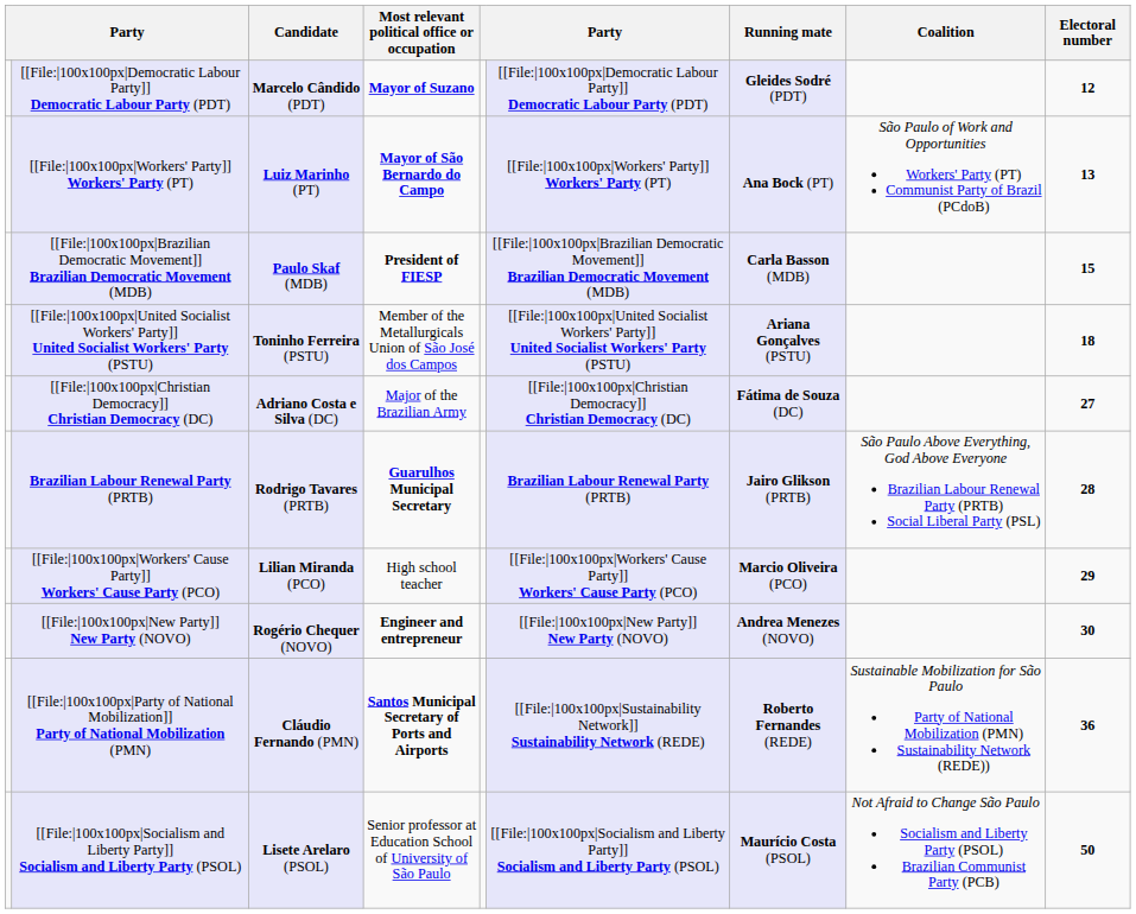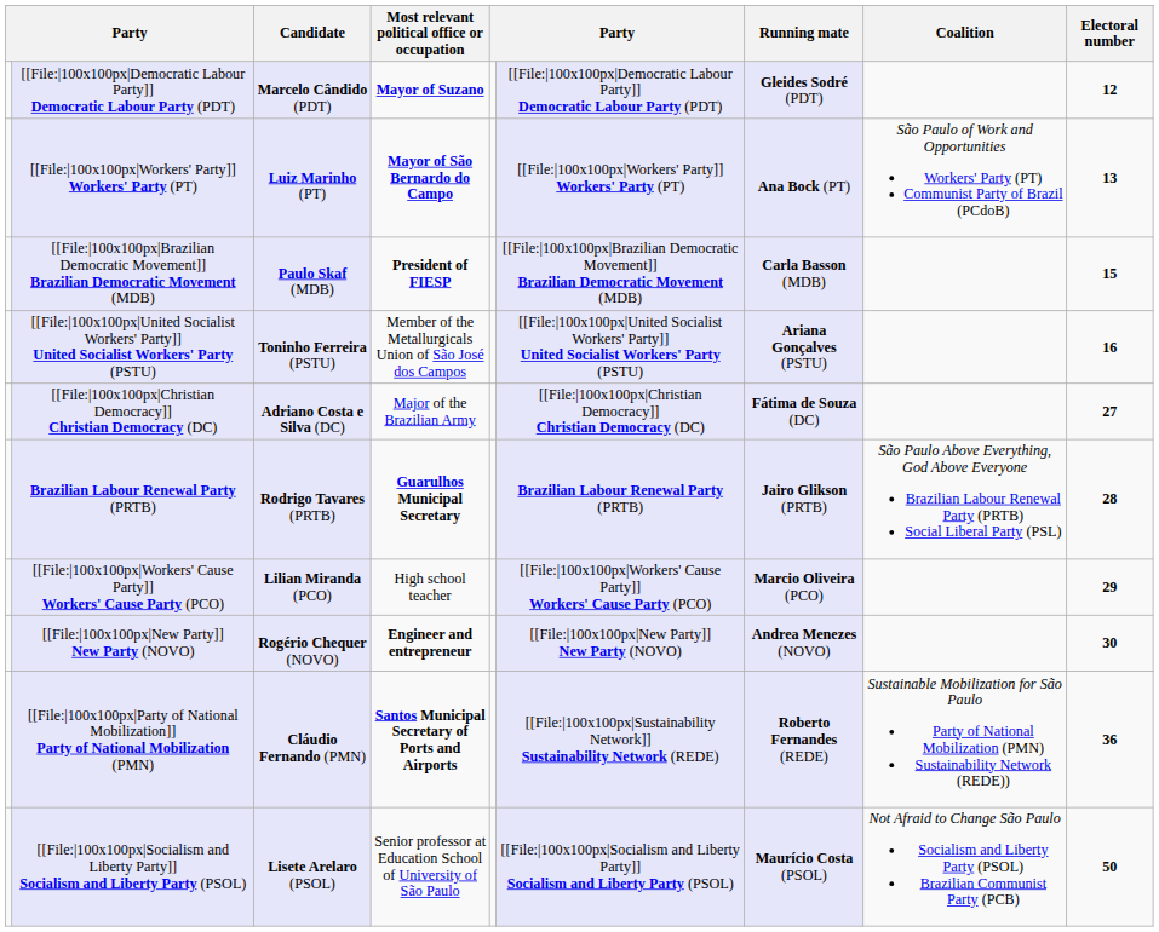 <table class="wikitable" style="text-align:center">
 <tr>
 <th colspan="2">Party</th>
 <th>Candidate</th>
 <th style="max-width:10em">Most relevant political office or occupation</th>
 <th colspan="2">Party</th>
 <th>Running mate</th>
 <th>Coalition</th>
 <th>Electoral number</th>
 </tr>
 <tr>
 <td style="background:"></td>
 <td style="background:lavender;" max-width:150px>[[File:|100x100px|Democratic Labour Party]]<br><strong><a href='#'>Democratic Labour Party</a></strong> (PDT)</td>
 <td style="background:lavender;" max-width:150px><br><strong>Marcelo Cândido</strong> (PDT)</td>
 <td style="max-width:10em"><strong><a href='#'>Mayor of Suzano</a></strong><br></td>
 <td style="background:"></td>
 <td style="background:lavender;" max-width:150px>[[File:|100x100px|Democratic Labour Party]]<br><strong><a href='#'>Democratic Labour Party</a></strong> (PDT)</td>
 <td style="background:lavender;" max-width:150px><strong>Gleides Sodré</strong> (PDT)</td>
 <td></td>
 <td><strong>12</strong></td>
 </tr>
 <tr>
 <td style="background:"></td>
 <td style="background:lavender;" max-width:150px>[[File:|100x100px|Workers' Party]]<br><strong><a href='#'>Workers' Party</a></strong> (PT)</td>
 <td style="background:lavender;" max-width:150px><br><strong><a href='#'>Luiz Marinho</a></strong> (PT)</td>
 <td style="max-width:10em"><strong><a href='#'>Mayor of São Bernardo do Campo</a></strong><br></td>
 <td style="background:"></td>
 <td style="background:lavender;" max-width:150px>[[File:|100x100px|Workers' Party]]<br><strong><a href='#'>Workers' Party</a></strong> (PT)</td>
 <td style="background:lavender;" max-width:150px><br><strong>Ana Bock</strong> (PT)</td>
 <td><em>São Paulo of Work and Opportunities</em><br><ul><li><a href='#'>Workers' Party</a> (PT)</li><li><a href='#'>Communist Party of Brazil</a> (PCdoB)</li></ul></td>
 <td><strong>13</strong></td>
 </tr>
 <tr>
 <td style="background:"></td>
 <td style="background:lavender;" max-width:150px>[[File:|100x100px|Brazilian Democratic Movement]]<br><strong><a href='#'>Brazilian Democratic Movement</a></strong> (MDB)</td>
 <td style="background:lavender;" max-width:150px><br><strong><a href='#'>Paulo Skaf</a></strong> (MDB)</td>
 <td style="max-width:10em"><strong>President of <a href='#'>FIESP</a></strong><br></td>
 <td style="background:"></td>
 <td style="background:lavender;" max-width:150px>[[File:|100x100px|Brazilian Democratic Movement]]<br><strong><a href='#'>Brazilian Democratic Movement</a></strong> (MDB)</td>
 <td style="background:lavender;" max-width:150px><strong>Carla Basson</strong> (MDB)</td>
 <td></td>
 <td><strong>15</strong></td>
 </tr>
 <tr>
 <td style="background:"></td>
 <td style="background:lavender;" max-width:150px>[[File:|100x100px|United Socialist Workers' Party]]<br><strong><a href='#'>United Socialist Workers' Party</a></strong> (PSTU)</td>
 <td style="background:lavender;" max-width:150px><br><strong>Toninho Ferreira</strong> (PSTU)</td>
 <td style="max-width:10em">Member of the Metallurgicals Union of <a href='#'>São José dos Campos</a></td>
 <td style="background:"></td>
 <td style="background:lavender;" max-width:150px>[[File:|100x100px|United Socialist Workers' Party]]<br><strong><a href='#'>United Socialist Workers' Party</a></strong> (PSTU)</td>
 <td style="background:lavender;" max-width:150px><strong>Ariana Gonçalves</strong> (PSTU)</td>
 <td></td>
-<td><strong>18</strong></td>
+<td><strong>16</strong></td>
 </tr>
 <tr>
 <td style="background:"></td>
 <td style="background:lavender;" max-width:150px>[[File:|100x100px|Christian Democracy]]<br><strong><a href='#'>Christian Democracy</a></strong> (DC)</td>
 <td style="background:lavender;" max-width:150px><br><strong>Adriano Costa e Silva</strong> (DC)</td>
 <td style="max-width:10em"><a href='#'>Major</a> of the <a href='#'>Brazilian Army</a></td>
 <td style="background:"></td>
 <td style="background:lavender;" max-width:150px>[[File:|100x100px|Christian Democracy]]<br><strong><a href='#'>Christian Democracy</a></strong> (DC)</td>
 <td style="background:lavender;" max-width:150px><strong>Fátima de Souza</strong> (DC)</td>
 <td></td>
 <td><strong>27</strong></td>
 </tr>
 <tr>
 <td style="background:"></td>
 <td style="background:lavender;" max-width:150px><strong><a href='#'>Brazilian Labour Renewal Party</a></strong> (PRTB)</td>
 <td style="background:lavender;" max-width:150px><br><strong>Rodrigo Tavares</strong> (PRTB)</td>
 <td style="max-width:10em"><strong><a href='#'>Guarulhos</a> Municipal Secretary</strong></td>
 <td style="background:"></td>
 <td style="background:lavender;" max-width:150px><strong><a href='#'>Brazilian Labour Renewal Party</a></strong> (PRTB)</td>
 <td style="background:lavender;" max-width:150px><strong>Jairo Glikson</strong> (PRTB)</td>
 <td><em>São Paulo Above Everything, God Above Everyone</em><br><ul><li><a href='#'>Brazilian Labour Renewal Party</a> (PRTB)</li><li><a href='#'>Social Liberal Party</a> (PSL)</li></ul></td>
 <td><strong>28</strong></td>
 </tr>
 <tr>
 <td style="background:"></td>
 <td style="background:lavender;" max-width:150px>[[File:|100x100px|Workers' Cause Party]]<br><strong><a href='#'>Workers' Cause Party</a></strong> (PCO)</td>
 <td style="background:lavender;" max-width:150px><strong>Lilian Miranda</strong> (PCO)</td>
 <td style="max-width:10em">High school teacher</td>
 <td style="background:"></td>
 <td style="background:lavender;" max-width:150px>[[File:|100x100px|Workers' Cause Party]]<br><strong><a href='#'>Workers' Cause Party</a></strong> (PCO)</td>
 <td style="background:lavender;" max-width:150px><strong>Marcio Oliveira</strong> (PCO)</td>
 <td></td>
 <td><strong>29</strong></td>
 </tr>
 <tr>
 <td style="background:"></td>
 <td style="background:lavender;" max-width:150px>[[File:|100x100px|New Party]]<br><strong><a href='#'>New Party</a></strong> (NOVO)</td>
 <td style="background:lavender;" max-width:150px><br><strong>Rogério Chequer</strong> (NOVO)</td>
 <td style="max-width:10em"><strong>Engineer and entrepreneur</strong></td>
 <td style="background:"></td>
 <td style="background:lavender;" max-width:150px>[[File:|100x100px|New Party]]<br><strong><a href='#'>New Party</a></strong> (NOVO)</td>
 <td style="background:lavender;" max-width:150px><strong>Andrea Menezes</strong> (NOVO)</td>
 <td></td>
 <td><strong>30</strong></td>
 </tr>
 <tr>
 <td style="background:"></td>
 <td style="background:lavender;" max-width:150px>[[File:|100x100px|Party of National Mobilization]]<br><strong><a href='#'>Party of National Mobilization</a></strong> (PMN)</td>
 <td style="background:lavender;" max-width:150px><br><strong>Cláudio Fernando</strong> (PMN)</td>
 <td style="max-width:10em"><strong><a href='#'>Santos</a> Municipal Secretary of Ports and Airports</strong></td>
 <td style="background:"></td>
 <td style="background:lavender;" max-width:150px>[[File:|100x100px|Sustainability Network]]<br><strong><a href='#'>Sustainability Network</a></strong> (REDE)</td>
 <td style="background:lavender;" max-width:150px><strong>Roberto Fernandes</strong> (REDE)</td>
 <td><em>Sustainable Mobilization for São Paulo</em><br><ul><li><a href='#'>Party of National Mobilization</a> (PMN)</li><li><a href='#'>Sustainability Network</a> (REDE))</li></ul></td>
 <td><strong>36</strong></td>
 </tr>
 <tr>
 <td style="background:"></td>
 <td style="background:lavender;" max-width:150px>[[File:|100x100px|Socialism and Liberty Party]]<br><strong><a href='#'>Socialism and Liberty Party</a></strong> (PSOL)</td>
 <td style="background:lavender;" max-width:150px><br><strong>Lisete Arelaro</strong> (PSOL)</td>
 <td style="max-width:10em">Senior professor at Education School of <a href='#'>University of São Paulo</a></td>
 <td style="background:"></td>
 <td style="background:lavender;" max-width:150px>[[File:|100x100px|Socialism and Liberty Party]]<br><strong><a href='#'>Socialism and Liberty Party</a></strong> (PSOL)</td>
 <td style="background:lavender;" max-width:150px><strong>Maurício Costa</strong> (PSOL)</td>
 <td><em>Not Afraid to Change São Paulo</em><br><ul><li><a href='#'>Socialism and Liberty Party</a> (PSOL)</li><li><a href='#'>Brazilian Communist Party</a> (PCB)</li></ul></td>
 <td><strong>50</strong></td>
 </tr>
 </table>
